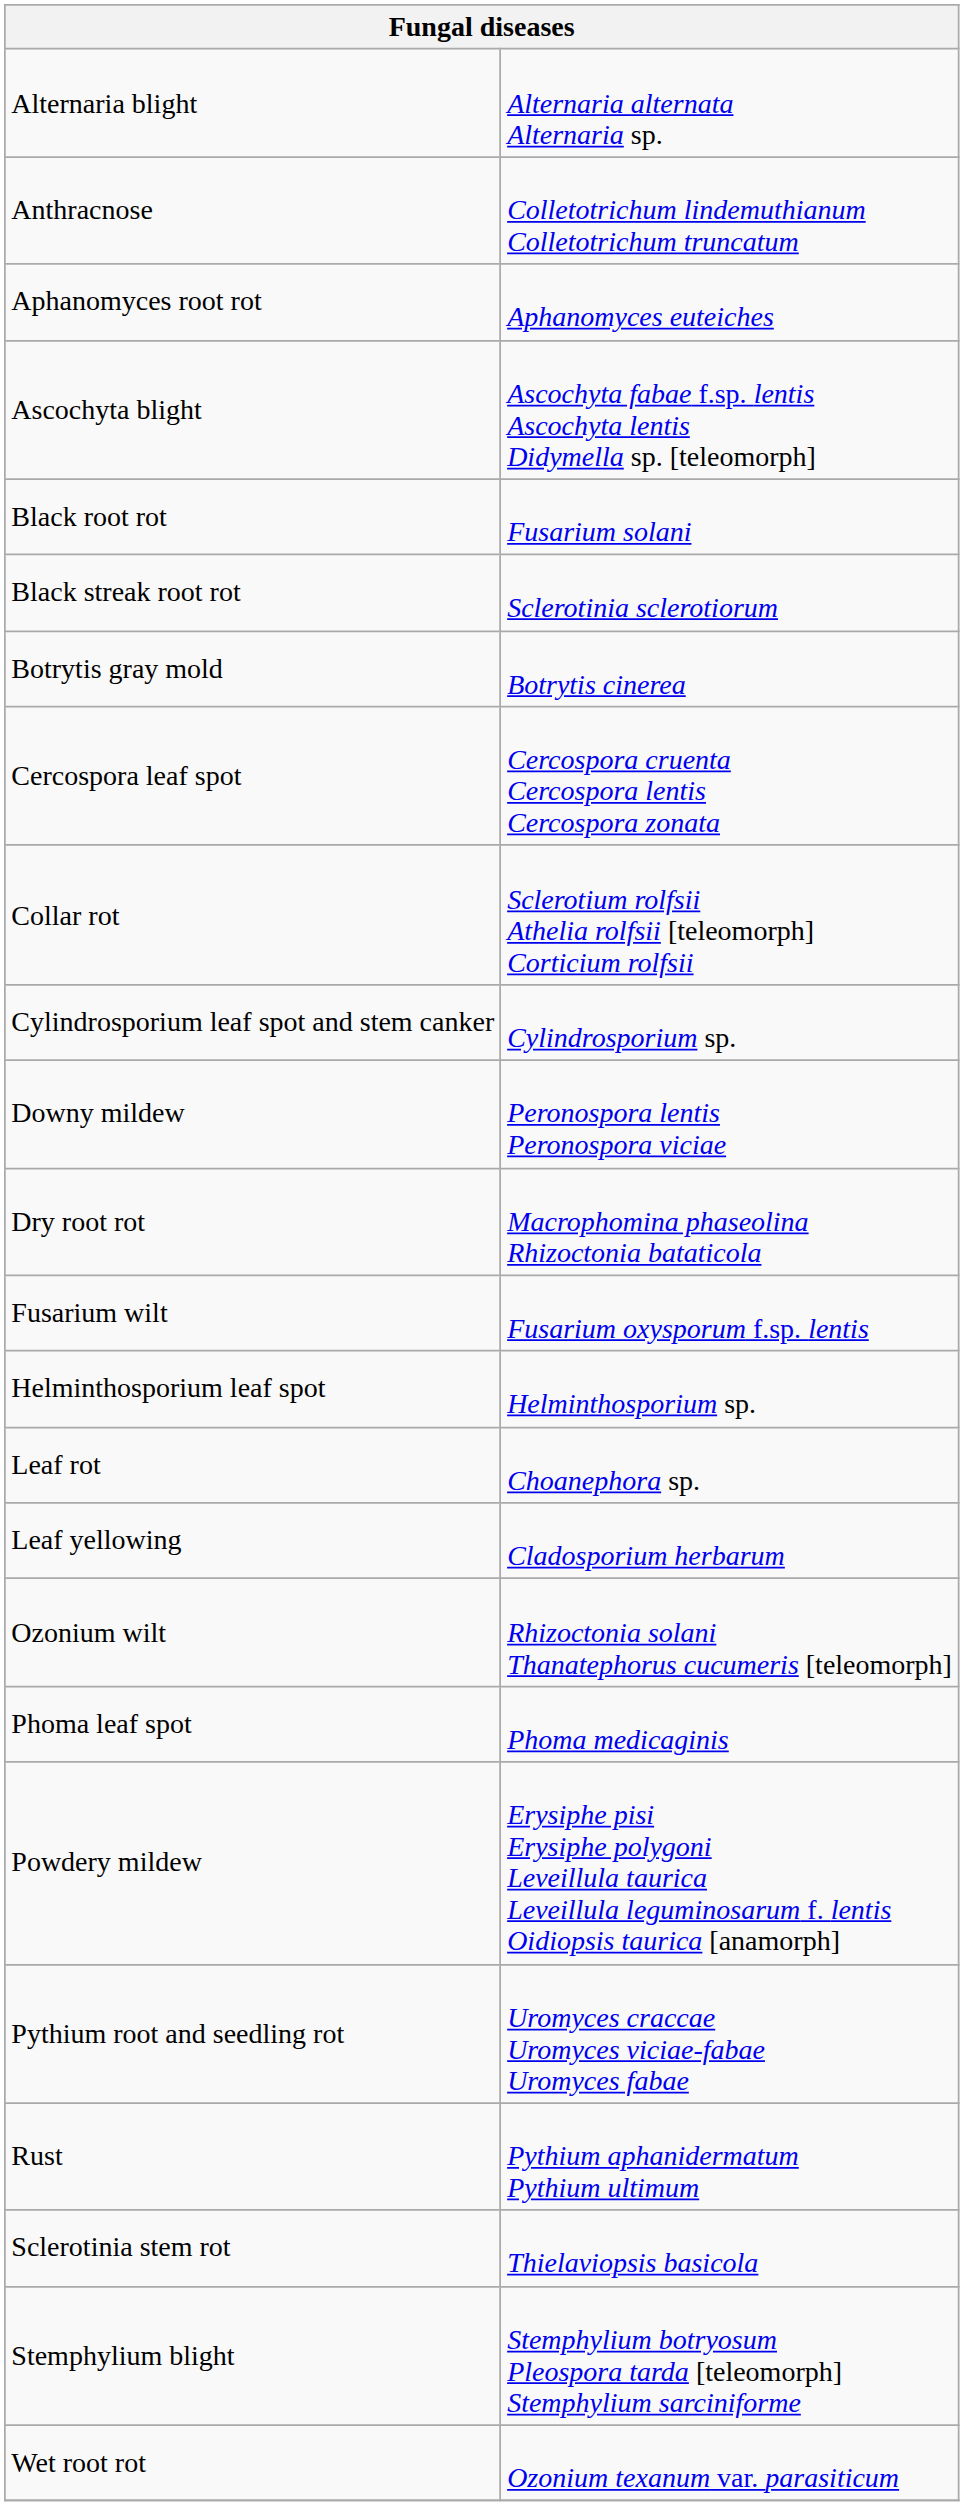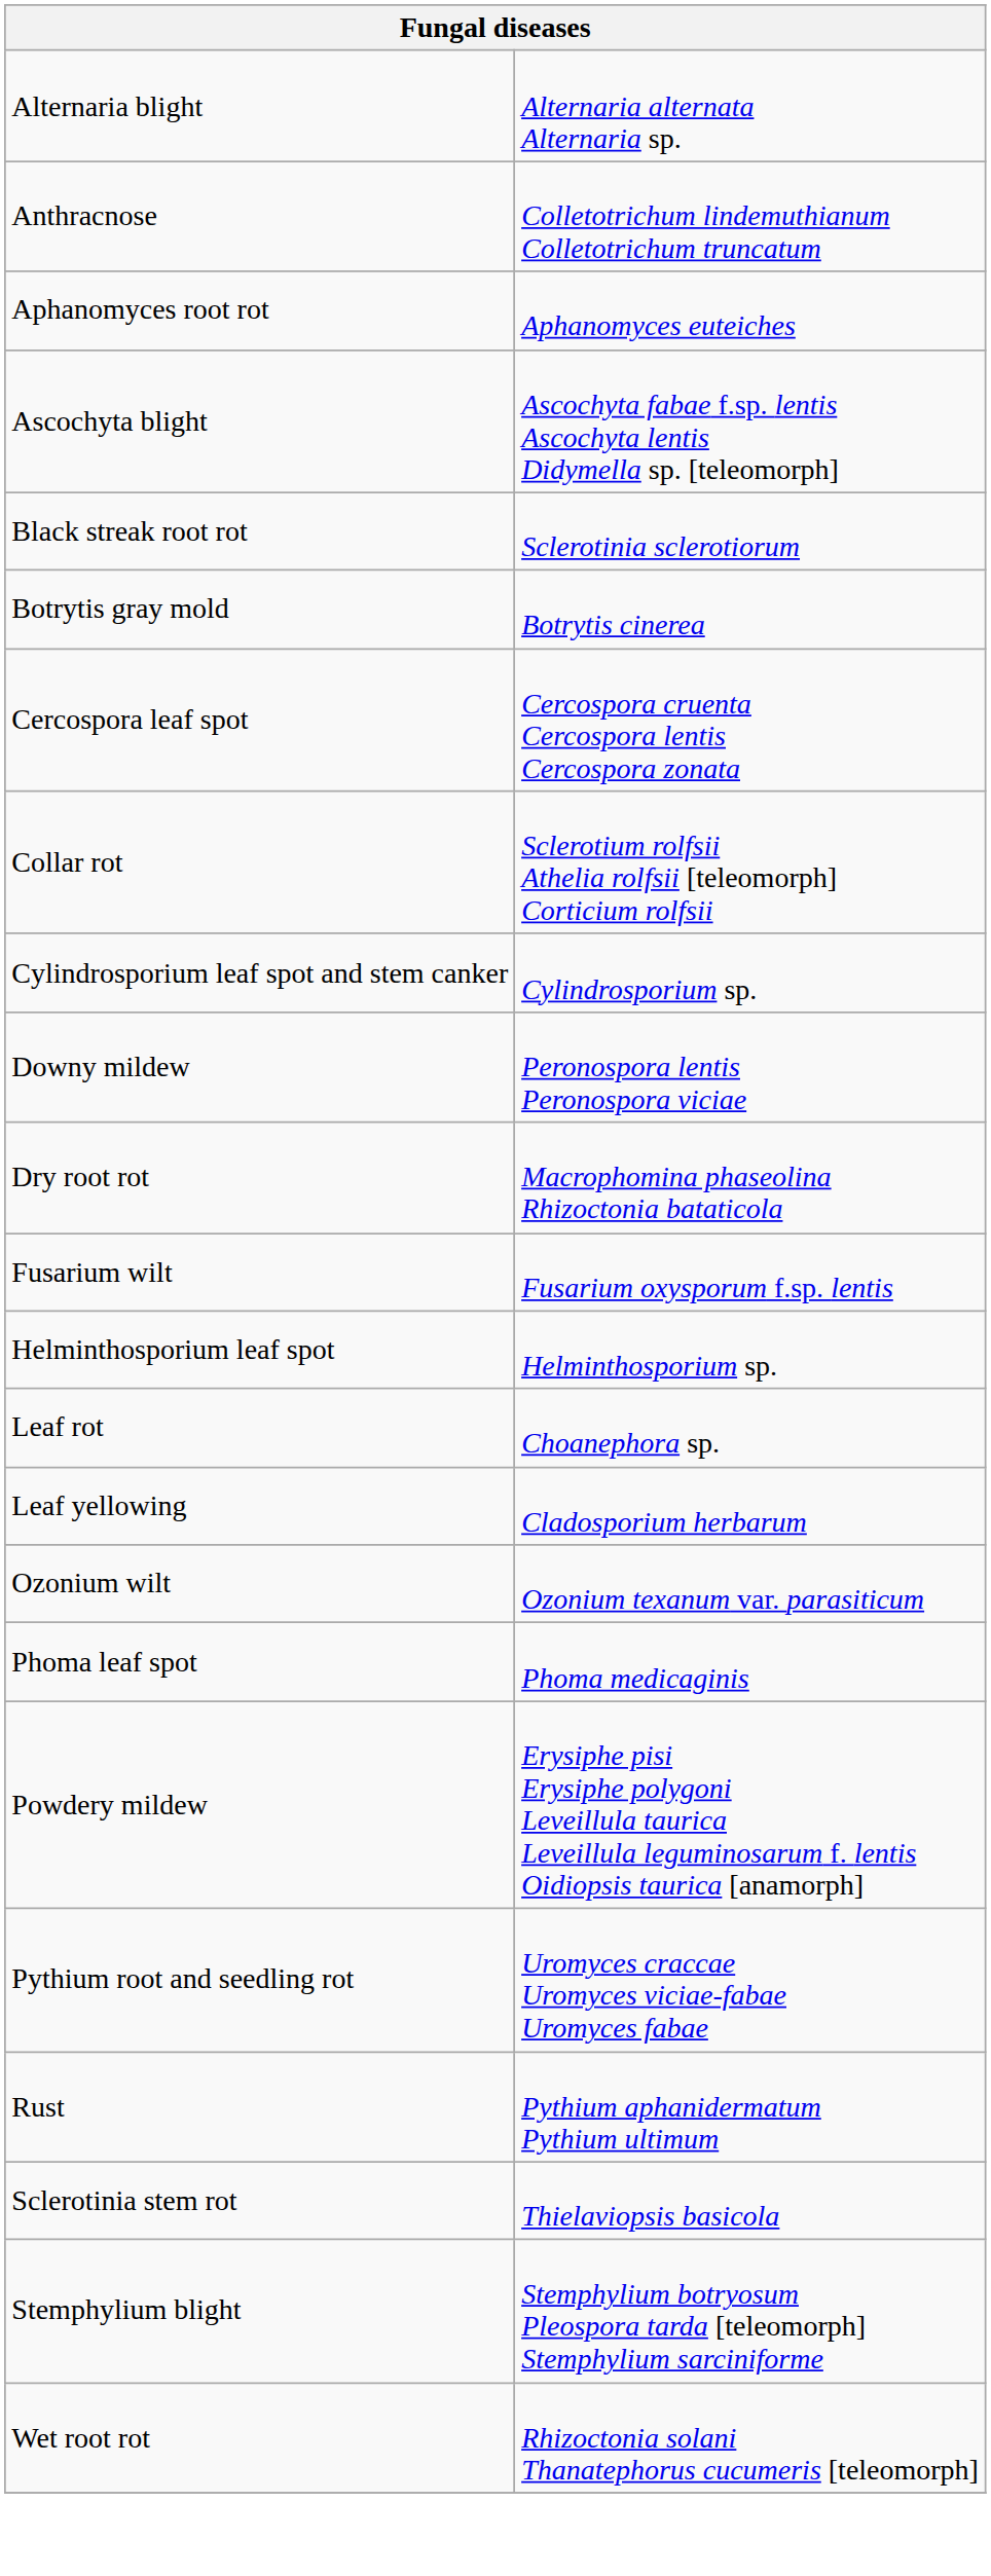 <table class="wikitable" style="clear">
 <tr>
 <th colspan=2><strong>Fungal diseases</strong><br></th>
 </tr>
 <tr>
 <td>Alternaria blight</td>
 <td><br><em><a href='#'>Alternaria alternata</a></em><br> <em><a href='#'>Alternaria</a></em> sp.</td>
 </tr>
 <tr>
 <td>Anthracnose</td>
 <td><br><em><a href='#'>Colletotrichum lindemuthianum</a></em><br> <em><a href='#'>Colletotrichum truncatum</a></em></td>
 </tr>
 <tr>
 <td>Aphanomyces root rot</td>
 <td><br><em><a href='#'>Aphanomyces euteiches</a></em></td>
 </tr>
 <tr>
 <td>Ascochyta blight</td>
 <td><br><a href='#'><em>Ascochyta fabae</em> f.sp. <em>lentis</em></a> <br>  <em><a href='#'>Ascochyta lentis</a></em><br> <em><a href='#'>Didymella</a></em> sp. [teleomorph]</td>
-</tr>
-<tr>
-<td>Black root rot</td>
-<td><br><em><a href='#'>Fusarium solani</a></em></td>
 </tr>
 <tr>
 <td>Black streak root rot</td>
 <td><br><em><a href='#'>Sclerotinia sclerotiorum</a></em></td>
 </tr>
 <tr>
 <td>Botrytis gray mold</td>
 <td><br><em><a href='#'>Botrytis cinerea</a></em></td>
 </tr>
 <tr>
 <td>Cercospora leaf spot</td>
 <td><br><em><a href='#'>Cercospora cruenta</a></em><br> <em><a href='#'>Cercospora lentis</a></em><br> <em><a href='#'>Cercospora zonata</a></em></td>
 </tr>
 <tr>
 <td>Collar rot</td>
 <td><br><em><a href='#'>Sclerotium rolfsii</a></em><br> <em><a href='#'>Athelia rolfsii</a></em> [teleomorph] <br>  <em><a href='#'>Corticium rolfsii</a></em></td>
 </tr>
 <tr>
 <td>Cylindrosporium leaf spot and stem canker</td>
 <td><br><em><a href='#'>Cylindrosporium</a></em> sp.</td>
 </tr>
 <tr>
 <td>Downy mildew</td>
 <td><br><em><a href='#'>Peronospora lentis</a></em><br> <em><a href='#'>Peronospora viciae</a></em></td>
 </tr>
 <tr>
 <td>Dry root rot</td>
 <td><br><em><a href='#'>Macrophomina phaseolina</a></em> <br>  <em><a href='#'>Rhizoctonia bataticola</a></em></td>
 </tr>
 <tr>
 <td>Fusarium wilt</td>
 <td><br><a href='#'><em>Fusarium oxysporum</em> f.sp. <em>lentis</em></a></td>
 </tr>
 <tr>
 <td>Helminthosporium leaf spot</td>
 <td><br><em><a href='#'>Helminthosporium</a></em> sp.</td>
 </tr>
 <tr>
 <td>Leaf rot</td>
 <td><br><em><a href='#'>Choanephora</a></em> sp.</td>
 </tr>
 <tr>
 <td>Leaf yellowing</td>
 <td><br><em><a href='#'>Cladosporium herbarum</a></em></td>
 </tr>
 <tr>
 <td>Ozonium wilt</td>
-<td><br><em><a href='#'>Rhizoctonia solani</a></em><br> <em><a href='#'>Thanatephorus cucumeris</a></em> [teleomorph]</td>
+<td><br><a href='#'><em>Ozonium texanum</em> var. <em>parasiticum</em></a></td>
 </tr>
 <tr>
 <td>Phoma leaf spot</td>
 <td><br><em><a href='#'>Phoma medicaginis</a></em></td>
 </tr>
 <tr>
 <td>Powdery mildew</td>
 <td><br><em><a href='#'>Erysiphe pisi</a></em> <br>  <em><a href='#'>Erysiphe polygoni</a></em><br> <em><a href='#'>Leveillula taurica</a></em> <br>  <a href='#'><em>Leveillula leguminosarum</em> f. <em>lentis</em></a> <br> <em><a href='#'>Oidiopsis taurica</a></em> [anamorph]</td>
 </tr>
 <tr>
 <td>Pythium root and seedling rot</td>
 <td><br><em><a href='#'>Uromyces craccae</a></em><br> <em><a href='#'>Uromyces viciae-fabae</a></em> <br>  <em><a href='#'>Uromyces fabae</a></em></td>
 </tr>
 <tr>
 <td>Rust</td>
 <td><br><em><a href='#'>Pythium aphanidermatum</a></em><br> <em><a href='#'>Pythium ultimum</a></em></td>
 </tr>
 <tr>
 <td>Sclerotinia stem rot</td>
 <td><br><em><a href='#'>Thielaviopsis basicola</a></em></td>
 </tr>
 <tr>
 <td>Stemphylium blight</td>
 <td><br><em><a href='#'>Stemphylium botryosum</a></em><br> <em><a href='#'>Pleospora tarda</a></em> [teleomorph]<br> <em><a href='#'>Stemphylium sarciniforme</a></em></td>
 </tr>
 <tr>
 <td>Wet root rot</td>
-<td><br><a href='#'><em>Ozonium texanum</em> var. <em>parasiticum</em></a></td>
+<td><br><em><a href='#'>Rhizoctonia solani</a></em><br> <em><a href='#'>Thanatephorus cucumeris</a></em> [teleomorph]</td>
 </tr>
 <tr>
 </tr>
 </table>
